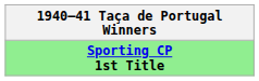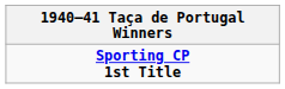 <table class="wikitable" style="text-align: center; margin: 0 auto; width: 20%">
 <tr>
 <th>1940–41 Taça de Portugal Winners</th>
 </tr>
 <tr>
-<td style="background: lightgreen;"><strong><a href='#'>Sporting CP</a></strong><br><strong>1st Title</strong></td>
+<td><strong><a href='#'>Sporting CP</a></strong><br><strong>1st Title</strong></td>
 </tr>
 </table>
